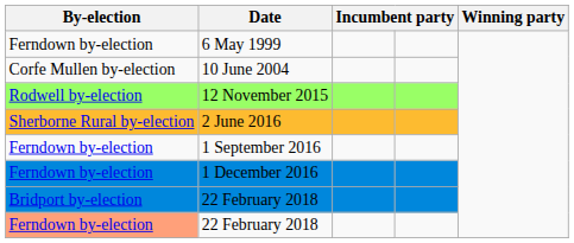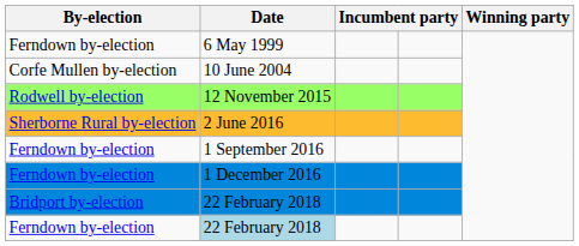 <table class="wikitable">
 <tr>
 <th>By-election</th>
 <th>Date</th>
 <th colspan=2>Incumbent party</th>
 <th colspan=2>Winning party</th>
 </tr>
 <tr bgcolor=>
 <td>Ferndown by-election</td>
 <td>6 May 1999</td>
 <td></td>
 <td></td>
 </tr>
 <tr bgcolor=>
 <td>Corfe Mullen by-election</td>
 <td>10 June 2004</td>
 <td></td>
 <td></td>
 </tr>
 <tr bgcolor=#99FF66>
 <td><a href='#'>Rodwell by-election</a></td>
 <td>12 November 2015</td>
 <td></td>
 <td></td>
 </tr>
 <tr bgcolor=#fdbb30>
 <td><a href='#'>Sherborne Rural by-election</a></td>
 <td>2 June 2016</td>
 <td></td>
 <td></td>
 </tr>
 <tr bgcolor=>
 <td><a href='#'>Ferndown by-election</a></td>
 <td>1 September 2016</td>
 <td></td>
 <td></td>
 </tr>
 <tr bgcolor=#0087DC>
 <td><a href='#'>Ferndown by-election</a></td>
 <td>1 December 2016</td>
 <td></td>
 <td></td>
 </tr>
 <tr bgcolor=#0087DC>
 <td><a href='#'>Bridport by-election</a></td>
 <td>22 February 2018</td>
 <td></td>
 <td></td>
 </tr>
 <tr>
-<td style="background: lightsalmon;"><a href='#'>Ferndown by-election</a></td>
-<td>22 February 2018</td>
+<td><a href='#'>Ferndown by-election</a></td>
+<td style="background: lightblue;">22 February 2018</td>
 <td></td>
 <td></td>
 </tr>
 </table>
